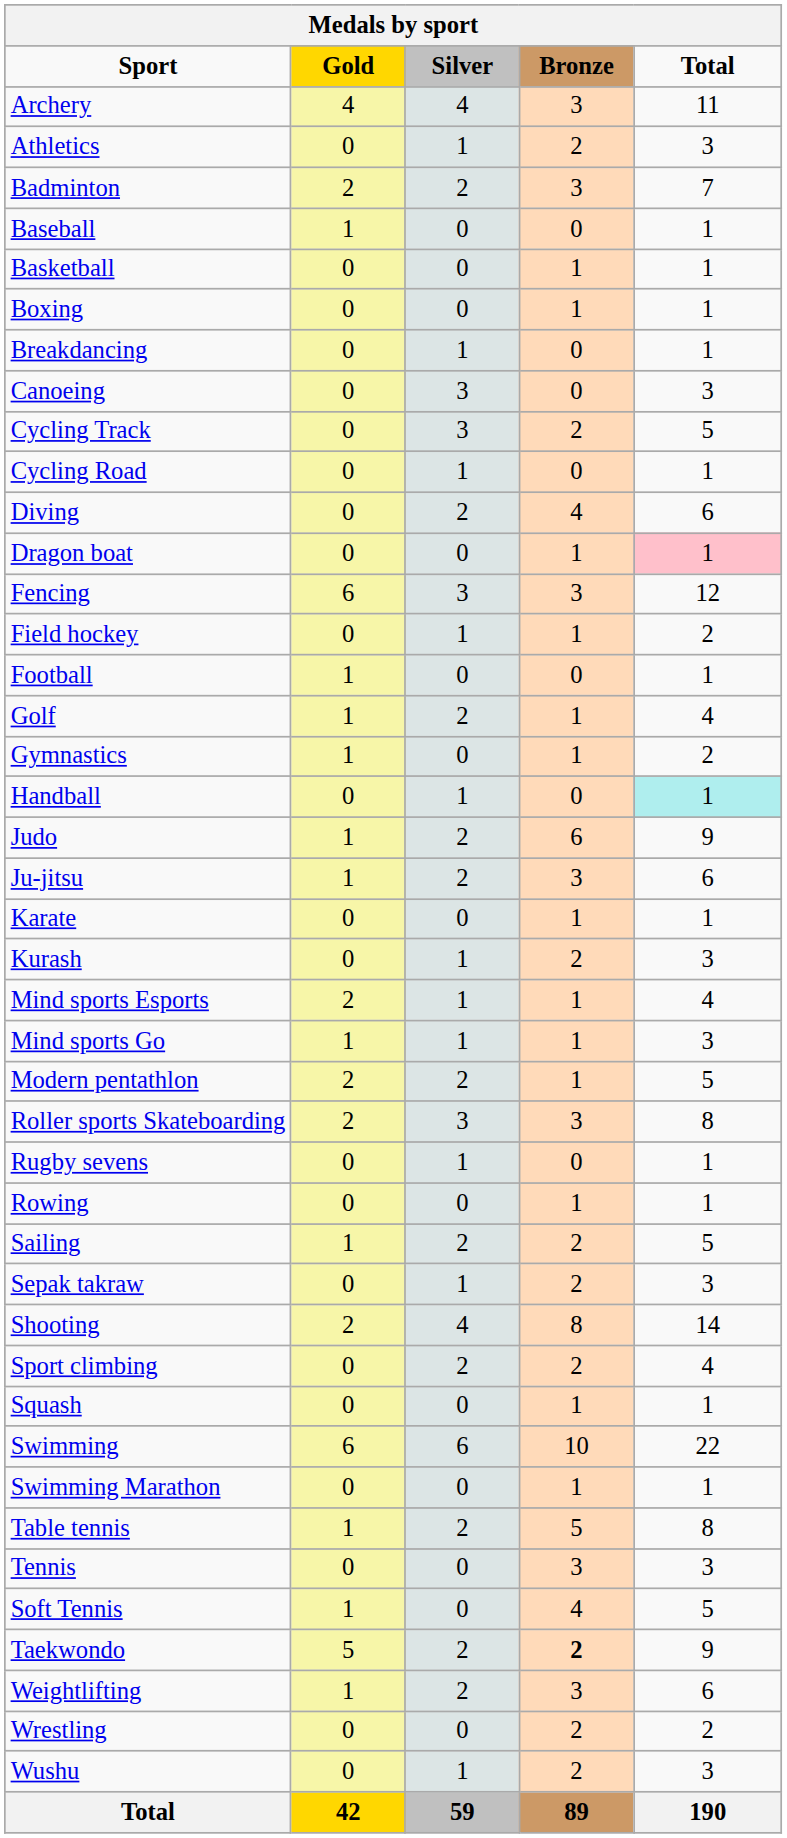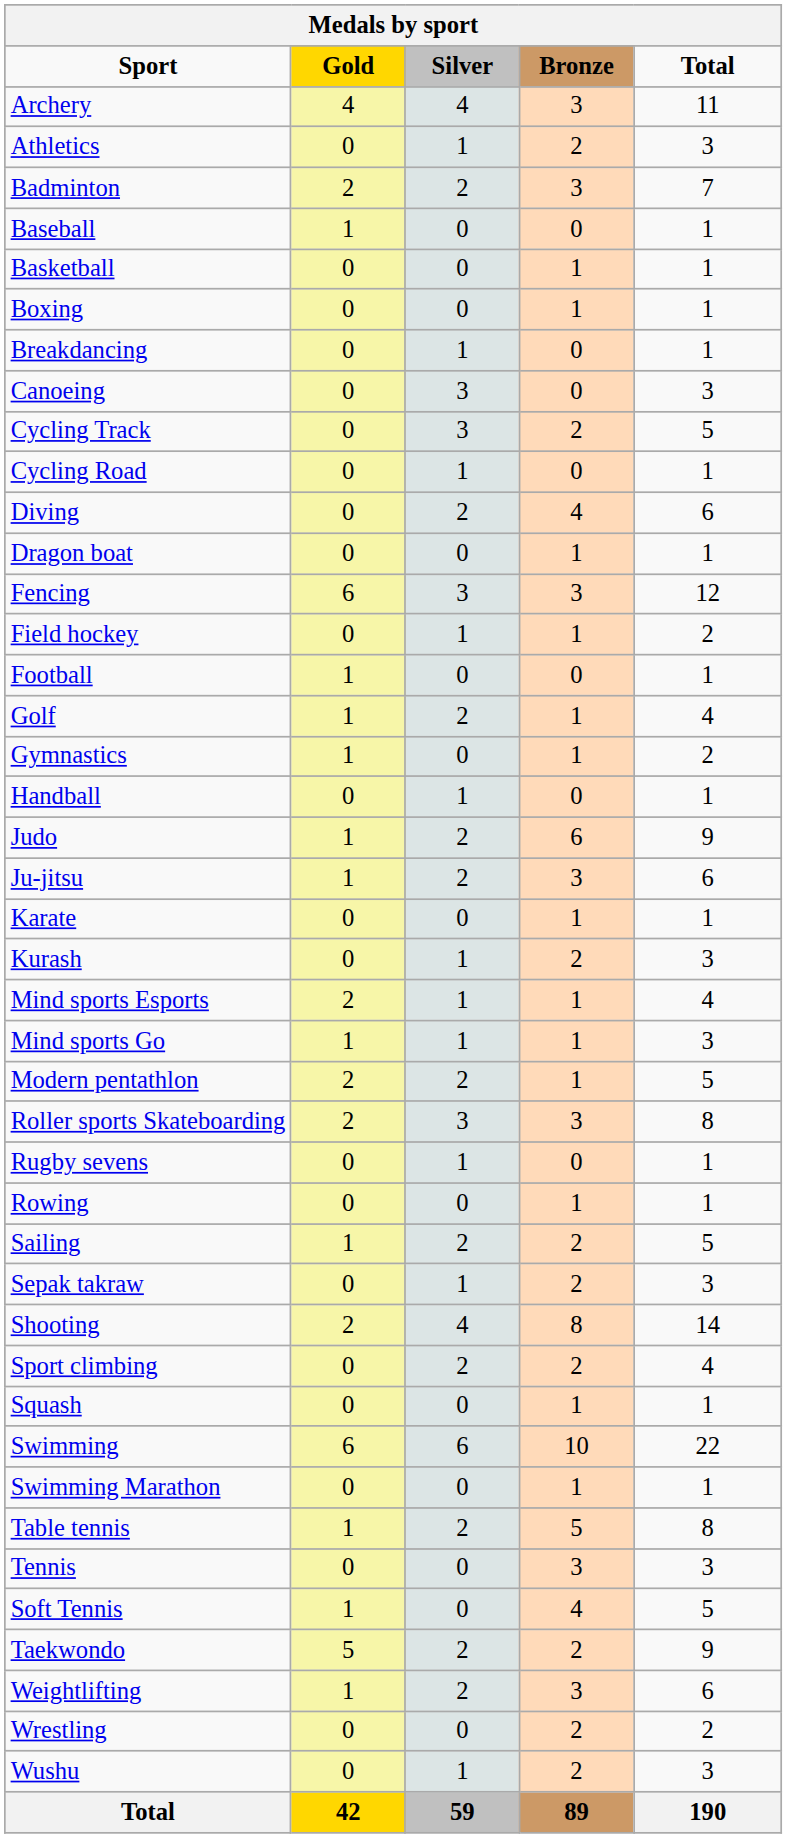 <table class="wikitable" style="font-size:90%; text-align:center;">
 <tr style="background:#efefef;">
 <th colspan=5>Medals by sport</th>
 </tr>
 <tr>
 <td><strong>Sport</strong></td>
 <td width=60 style="background:gold;"><strong>Gold </strong></td>
 <td width=60 style="background:silver;"><strong>Silver </strong></td>
 <td width=60 style="background:#c96;"><strong>Bronze </strong></td>
 <td width=80><strong>Total</strong></td>
 </tr>
 <tr>
 <td align=left> <a href='#'>Archery</a></td>
 <td style="background:#F7F6A8;">4</td>
 <td style="background:#DCE5E5;">4</td>
 <td style="background:#FFDAB9;">3</td>
 <td>11</td>
 </tr>
 <tr>
 <td align=left> <a href='#'>Athletics</a></td>
 <td style="background:#F7F6A8;">0</td>
 <td style="background:#DCE5E5;">1</td>
 <td style="background:#FFDAB9;">2</td>
 <td>3</td>
 </tr>
 <tr>
 <td align=left> <a href='#'>Badminton</a></td>
 <td style="background:#F7F6A8;">2</td>
 <td style="background:#DCE5E5;">2</td>
 <td style="background:#FFDAB9;">3</td>
 <td>7</td>
 </tr>
 <tr>
 <td align=left> <a href='#'>Baseball</a></td>
 <td style="background:#F7F6A8;">1</td>
 <td style="background:#DCE5E5;">0</td>
 <td style="background:#FFDAB9;">0</td>
 <td>1</td>
 </tr>
 <tr>
 <td align=left> <a href='#'>Basketball</a></td>
 <td style="background:#F7F6A8;">0</td>
 <td style="background:#DCE5E5;">0</td>
 <td style="background:#FFDAB9;">1</td>
 <td>1</td>
 </tr>
 <tr>
 <td align=left> <a href='#'>Boxing</a></td>
 <td style="background:#F7F6A8;">0</td>
 <td style="background:#DCE5E5;">0</td>
 <td style="background:#FFDAB9;">1</td>
 <td>1</td>
 </tr>
 <tr>
 <td align=left> <a href='#'>Breakdancing</a></td>
 <td style="background:#F7F6A8;">0</td>
 <td style="background:#DCE5E5;">1</td>
 <td style="background:#FFDAB9;">0</td>
 <td>1</td>
 </tr>
 <tr>
 <td align=left> <a href='#'>Canoeing</a></td>
 <td style="background:#F7F6A8;">0</td>
 <td style="background:#DCE5E5;">3</td>
 <td style="background:#FFDAB9;">0</td>
 <td>3</td>
 </tr>
 <tr>
 <td align=left> <a href='#'>Cycling Track</a></td>
 <td style="background:#F7F6A8;">0</td>
 <td style="background:#DCE5E5;">3</td>
 <td style="background:#FFDAB9;">2</td>
 <td>5</td>
 </tr>
 <tr>
 <td align=left> <a href='#'>Cycling Road</a></td>
 <td style="background:#F7F6A8;">0</td>
 <td style="background:#DCE5E5;">1</td>
 <td style="background:#FFDAB9;">0</td>
 <td>1</td>
 </tr>
 <tr>
 <td align=left> <a href='#'>Diving</a></td>
 <td style="background:#F7F6A8;">0</td>
 <td style="background:#DCE5E5;">2</td>
 <td style="background:#FFDAB9;">4</td>
 <td>6</td>
 </tr>
 <tr>
 <td align=left> <a href='#'>Dragon boat</a></td>
 <td style="background:#F7F6A8;">0</td>
 <td style="background:#DCE5E5;">0</td>
 <td style="background:#FFDAB9;">1</td>
-<td style="background: pink;">1</td>
+<td>1</td>
 </tr>
 <tr>
 <td align=left> <a href='#'>Fencing</a></td>
 <td style="background:#F7F6A8;">6</td>
 <td style="background:#DCE5E5;">3</td>
 <td style="background:#FFDAB9;">3</td>
 <td>12</td>
 </tr>
 <tr>
 <td align=left> <a href='#'>Field hockey</a></td>
 <td style="background:#F7F6A8;">0</td>
 <td style="background:#DCE5E5;">1</td>
 <td style="background:#FFDAB9;">1</td>
 <td>2</td>
 </tr>
 <tr>
 <td align=left> <a href='#'>Football</a></td>
 <td style="background:#F7F6A8;">1</td>
 <td style="background:#DCE5E5;">0</td>
 <td style="background:#FFDAB9;">0</td>
 <td>1</td>
 </tr>
 <tr>
 <td align=left> <a href='#'>Golf</a></td>
 <td style="background:#F7F6A8;">1</td>
 <td style="background:#DCE5E5;">2</td>
 <td style="background:#FFDAB9;">1</td>
 <td>4</td>
 </tr>
 <tr>
 <td align=left> <a href='#'>Gymnastics</a></td>
 <td style="background:#F7F6A8;">1</td>
 <td style="background:#DCE5E5;">0</td>
 <td style="background:#FFDAB9;">1</td>
 <td>2</td>
 </tr>
 <tr>
 <td align=left> <a href='#'>Handball</a></td>
 <td style="background:#F7F6A8;">0</td>
 <td style="background:#DCE5E5;">1</td>
 <td style="background:#FFDAB9;">0</td>
-<td style="background: paleturquoise;">1</td>
+<td>1</td>
 </tr>
 <tr>
 <td align=left> <a href='#'>Judo</a></td>
 <td style="background:#F7F6A8;">1</td>
 <td style="background:#DCE5E5;">2</td>
 <td style="background:#FFDAB9;">6</td>
 <td>9</td>
 </tr>
 <tr>
 <td align=left> <a href='#'>Ju-jitsu</a></td>
 <td style="background:#F7F6A8;">1</td>
 <td style="background:#DCE5E5;">2</td>
 <td style="background:#FFDAB9;">3</td>
 <td>6</td>
 </tr>
 <tr>
 <td align=left> <a href='#'>Karate</a></td>
 <td style="background:#F7F6A8;">0</td>
 <td style="background:#DCE5E5;">0</td>
 <td style="background:#FFDAB9;">1</td>
 <td>1</td>
 </tr>
 <tr>
 <td align=left> <a href='#'>Kurash</a></td>
 <td style="background:#F7F6A8;">0</td>
 <td style="background:#DCE5E5;">1</td>
 <td style="background:#FFDAB9;">2</td>
 <td>3</td>
 </tr>
 <tr>
 <td align=left> <a href='#'>Mind sports Esports</a></td>
 <td style="background:#F7F6A8;">2</td>
 <td style="background:#DCE5E5;">1</td>
 <td style="background:#FFDAB9;">1</td>
 <td>4</td>
 </tr>
 <tr>
 <td align=left> <a href='#'>Mind sports Go</a></td>
 <td style="background:#F7F6A8;">1</td>
 <td style="background:#DCE5E5;">1</td>
 <td style="background:#FFDAB9;">1</td>
 <td>3</td>
 </tr>
 <tr>
 <td align=left> <a href='#'>Modern pentathlon</a></td>
 <td style="background:#F7F6A8;">2</td>
 <td style="background:#DCE5E5;">2</td>
 <td style="background:#FFDAB9;">1</td>
 <td>5</td>
 </tr>
 <tr>
 <td align=left> <a href='#'>Roller sports Skateboarding</a></td>
 <td style="background:#F7F6A8;">2</td>
 <td style="background:#DCE5E5;">3</td>
 <td style="background:#FFDAB9;">3</td>
 <td>8</td>
 </tr>
 <tr>
 <td align=left> <a href='#'>Rugby sevens</a></td>
 <td style="background:#F7F6A8;">0</td>
 <td style="background:#DCE5E5;">1</td>
 <td style="background:#FFDAB9;">0</td>
 <td>1</td>
 </tr>
 <tr>
 <td align=left> <a href='#'>Rowing</a></td>
 <td style="background:#F7F6A8;">0</td>
 <td style="background:#DCE5E5;">0</td>
 <td style="background:#FFDAB9;">1</td>
 <td>1</td>
 </tr>
 <tr>
 <td align=left> <a href='#'>Sailing</a></td>
 <td style="background:#F7F6A8;">1</td>
 <td style="background:#DCE5E5;">2</td>
 <td style="background:#FFDAB9;">2</td>
 <td>5</td>
 </tr>
 <tr>
 <td align=left> <a href='#'>Sepak takraw</a></td>
 <td style="background:#F7F6A8;">0</td>
 <td style="background:#DCE5E5;">1</td>
 <td style="background:#FFDAB9;">2</td>
 <td>3</td>
 </tr>
 <tr>
 <td align=left> <a href='#'>Shooting</a></td>
 <td style="background:#F7F6A8;">2</td>
 <td style="background:#DCE5E5;">4</td>
 <td style="background:#FFDAB9;">8</td>
 <td>14</td>
 </tr>
 <tr>
 <td align=left> <a href='#'>Sport climbing</a></td>
 <td style="background:#F7F6A8;">0</td>
 <td style="background:#DCE5E5;">2</td>
 <td style="background:#FFDAB9;">2</td>
 <td>4</td>
 </tr>
 <tr>
 <td align=left> <a href='#'>Squash</a></td>
 <td style="background:#F7F6A8;">0</td>
 <td style="background:#DCE5E5;">0</td>
 <td style="background:#FFDAB9;">1</td>
 <td>1</td>
 </tr>
 <tr>
 <td align=left> <a href='#'>Swimming</a></td>
 <td style="background:#F7F6A8;">6</td>
 <td style="background:#DCE5E5;">6</td>
 <td style="background:#FFDAB9;">10</td>
 <td>22</td>
 </tr>
 <tr>
 <td align=left> <a href='#'>Swimming Marathon</a></td>
 <td style="background:#F7F6A8;">0</td>
 <td style="background:#DCE5E5;">0</td>
 <td style="background:#FFDAB9;">1</td>
 <td>1</td>
 </tr>
 <tr>
 <td align=left> <a href='#'>Table tennis</a></td>
 <td style="background:#F7F6A8;">1</td>
 <td style="background:#DCE5E5;">2</td>
 <td style="background:#FFDAB9;">5</td>
 <td>8</td>
 </tr>
 <tr>
 <td align=left> <a href='#'>Tennis</a></td>
 <td style="background:#F7F6A8;">0</td>
 <td style="background:#DCE5E5;">0</td>
 <td style="background:#FFDAB9;">3</td>
 <td>3</td>
 </tr>
 <tr>
 <td align=left> <a href='#'>Soft Tennis</a></td>
 <td style="background:#F7F6A8;">1</td>
 <td style="background:#DCE5E5;">0</td>
 <td style="background:#FFDAB9;">4</td>
 <td>5</td>
 </tr>
 <tr>
 <td align=left> <a href='#'>Taekwondo</a></td>
 <td style="background:#F7F6A8;">5</td>
 <td style="background:#DCE5E5;">2</td>
-<td style="background:#FFDAB9;"><strong>2</strong></td>
+<td style="background:#FFDAB9;">2</td>
 <td>9</td>
 </tr>
 <tr>
 <td align=left> <a href='#'>Weightlifting</a></td>
 <td style="background:#F7F6A8;">1</td>
 <td style="background:#DCE5E5;">2</td>
 <td style="background:#FFDAB9;">3</td>
 <td>6</td>
 </tr>
 <tr>
 <td align=left> <a href='#'>Wrestling</a></td>
 <td style="background:#F7F6A8;">0</td>
 <td style="background:#DCE5E5;">0</td>
 <td style="background:#FFDAB9;">2</td>
 <td>2</td>
 </tr>
 <tr>
 <td align=left> <a href='#'>Wushu</a></td>
 <td style="background:#F7F6A8;">0</td>
 <td style="background:#DCE5E5;">1</td>
 <td style="background:#FFDAB9;">2</td>
 <td>3</td>
 </tr>
 <tr>
 <th>Total</th>
 <th style="background:gold;">42</th>
 <th style="background:silver;">59</th>
 <th style="background:#c96;">89</th>
 <th>190</th>
 </tr>
 </table>
